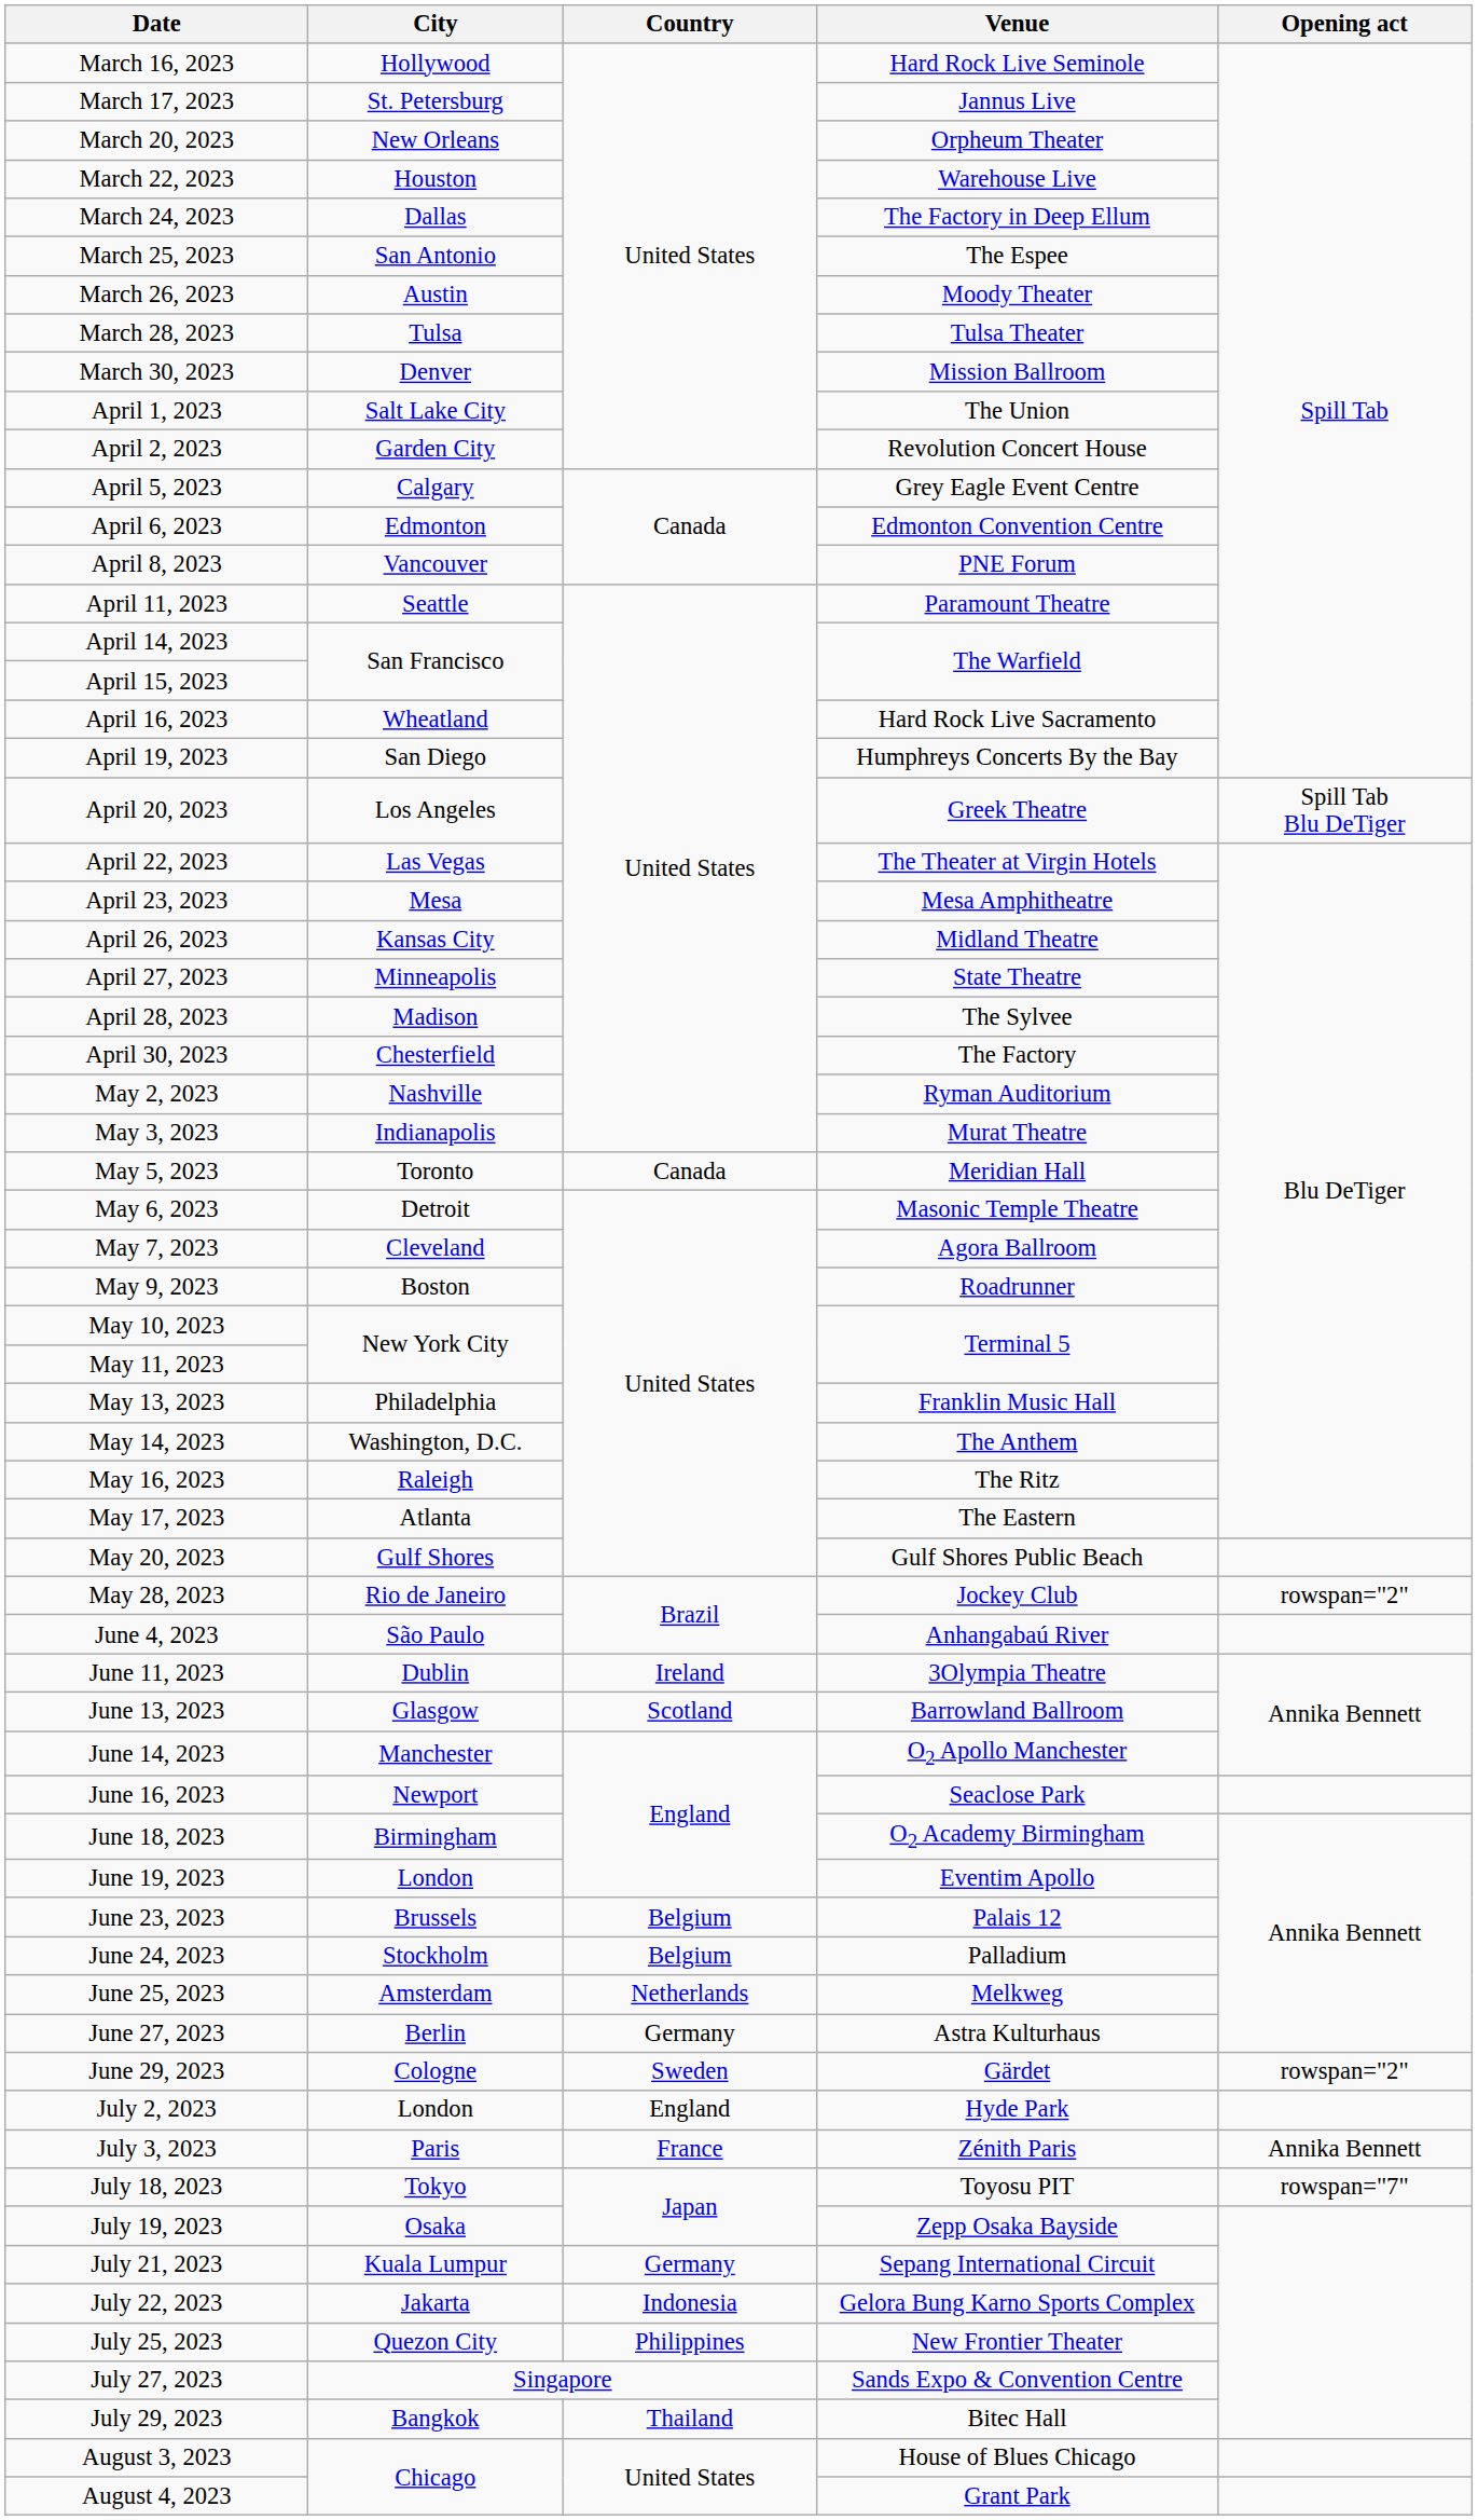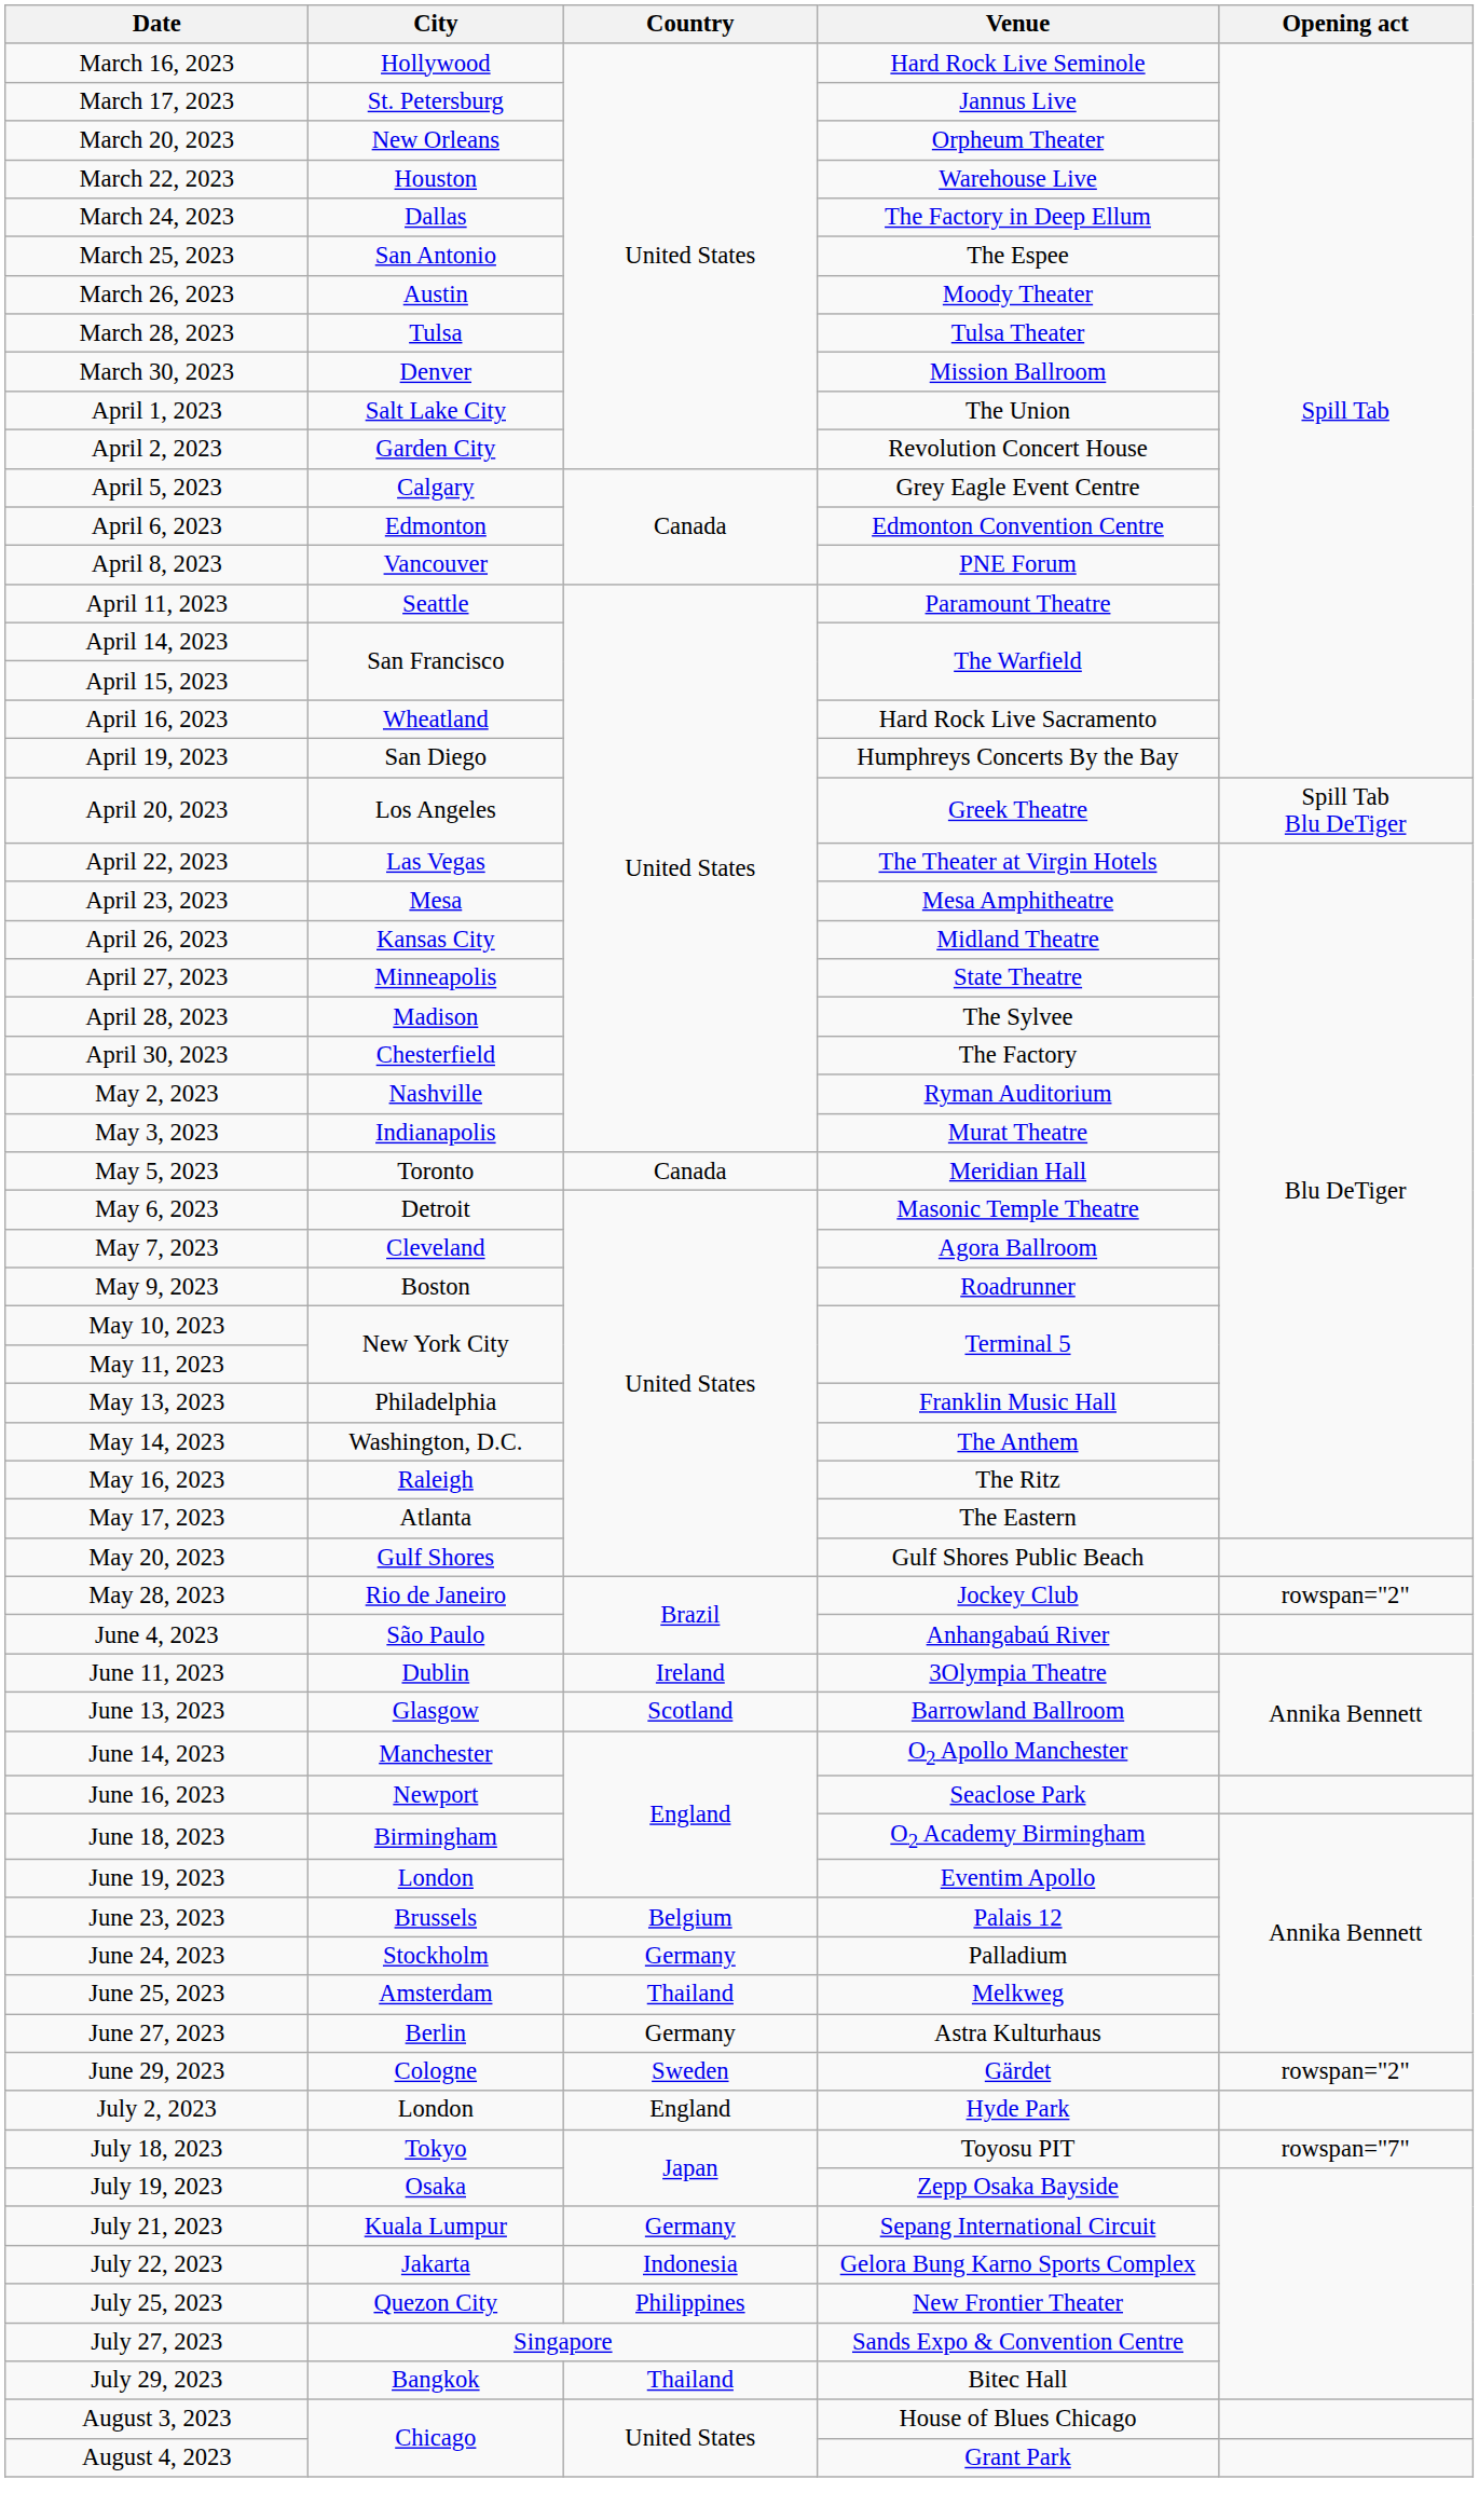 <table class="wikitable plainrowheaders" style="text-align:center;">
 <tr>
 <th scope="col" style="width:12em;">Date</th>
 <th scope="col" style="width:10em;">City</th>
 <th scope="col" style="width:10em;">Country</th>
 <th scope="col" style="width:16em;">Venue</th>
 <th scope="col" style="width:10em;">Opening act</th>
 </tr>
 <tr>
 <td>March 16, 2023</td>
 <td><a href='#'>Hollywood</a></td>
 <td rowspan="11">United States</td>
 <td><a href='#'>Hard Rock Live Seminole</a></td>
 <td rowspan="19"><a href='#'>Spill Tab</a></td>
 </tr>
 <tr>
 <td>March 17, 2023</td>
 <td><a href='#'>St. Petersburg</a></td>
 <td><a href='#'>Jannus Live</a></td>
 </tr>
 <tr>
 <td>March 20, 2023</td>
 <td><a href='#'>New Orleans</a></td>
 <td><a href='#'>Orpheum Theater</a></td>
 </tr>
 <tr>
 <td>March 22, 2023</td>
 <td><a href='#'>Houston</a></td>
 <td><a href='#'>Warehouse Live</a></td>
 </tr>
 <tr>
 <td>March 24, 2023</td>
 <td><a href='#'>Dallas</a></td>
 <td><a href='#'>The Factory in Deep Ellum</a></td>
 </tr>
 <tr>
 <td>March 25, 2023</td>
 <td><a href='#'>San Antonio</a></td>
 <td>The Espee</td>
 </tr>
 <tr>
 <td>March 26, 2023</td>
 <td><a href='#'>Austin</a></td>
 <td><a href='#'>Moody Theater</a></td>
 </tr>
 <tr>
 <td>March 28, 2023</td>
 <td><a href='#'>Tulsa</a></td>
 <td><a href='#'>Tulsa Theater</a></td>
 </tr>
 <tr>
 <td>March 30, 2023</td>
 <td><a href='#'>Denver</a></td>
 <td><a href='#'>Mission Ballroom</a></td>
 </tr>
 <tr>
 <td>April 1, 2023</td>
 <td><a href='#'>Salt Lake City</a></td>
 <td>The Union</td>
 </tr>
 <tr>
 <td>April 2, 2023</td>
 <td><a href='#'>Garden City</a></td>
 <td>Revolution Concert House</td>
 </tr>
 <tr>
 <td>April 5, 2023</td>
 <td><a href='#'>Calgary</a></td>
 <td rowspan="3">Canada</td>
 <td>Grey Eagle Event Centre</td>
 </tr>
 <tr>
 <td>April 6, 2023</td>
 <td><a href='#'>Edmonton</a></td>
 <td><a href='#'>Edmonton Convention Centre</a></td>
 </tr>
 <tr>
 <td>April 8, 2023</td>
 <td><a href='#'>Vancouver</a></td>
 <td><a href='#'>PNE Forum</a></td>
 </tr>
 <tr>
 <td>April 11, 2023</td>
 <td><a href='#'>Seattle</a></td>
 <td rowspan="14">United States</td>
 <td><a href='#'>Paramount Theatre</a></td>
 </tr>
 <tr>
 <td>April 14, 2023</td>
 <td rowspan="2">San Francisco</td>
 <td rowspan="2"><a href='#'>The Warfield</a></td>
 </tr>
 <tr>
 <td>April 15, 2023</td>
 </tr>
 <tr>
 <td>April 16, 2023</td>
 <td><a href='#'>Wheatland</a></td>
 <td>Hard Rock Live Sacramento</td>
 </tr>
 <tr>
 <td>April 19, 2023</td>
 <td>San Diego</td>
 <td>Humphreys Concerts By the Bay</td>
 </tr>
 <tr>
 <td>April 20, 2023</td>
 <td>Los Angeles</td>
 <td><a href='#'>Greek Theatre</a></td>
 <td>Spill Tab<br><a href='#'>Blu DeTiger</a></td>
 </tr>
 <tr>
 <td>April 22, 2023</td>
 <td><a href='#'>Las Vegas</a></td>
 <td><a href='#'>The Theater at Virgin Hotels</a></td>
 <td rowspan="18">Blu DeTiger</td>
 </tr>
 <tr>
 <td>April 23, 2023</td>
 <td><a href='#'>Mesa</a></td>
 <td><a href='#'>Mesa Amphitheatre</a></td>
 </tr>
 <tr>
 <td>April 26, 2023</td>
 <td><a href='#'>Kansas City</a></td>
 <td><a href='#'>Midland Theatre</a></td>
 </tr>
 <tr>
 <td>April 27, 2023</td>
 <td><a href='#'>Minneapolis</a></td>
 <td><a href='#'>State Theatre</a></td>
 </tr>
 <tr>
 <td>April 28, 2023</td>
 <td><a href='#'>Madison</a></td>
 <td>The Sylvee</td>
 </tr>
 <tr>
 <td>April 30, 2023</td>
 <td><a href='#'>Chesterfield</a></td>
 <td>The Factory</td>
 </tr>
 <tr>
 <td>May 2, 2023</td>
 <td><a href='#'>Nashville</a></td>
 <td><a href='#'>Ryman Auditorium</a></td>
 </tr>
 <tr>
 <td>May 3, 2023</td>
 <td><a href='#'>Indianapolis</a></td>
 <td><a href='#'>Murat Theatre</a></td>
 </tr>
 <tr>
 <td>May 5, 2023</td>
 <td>Toronto</td>
 <td>Canada</td>
 <td><a href='#'>Meridian Hall</a></td>
 </tr>
 <tr>
 <td>May 6, 2023</td>
 <td>Detroit</td>
 <td rowspan="10">United States</td>
 <td><a href='#'>Masonic Temple Theatre</a></td>
 </tr>
 <tr>
 <td>May 7, 2023</td>
 <td><a href='#'>Cleveland</a></td>
 <td><a href='#'>Agora Ballroom</a></td>
 </tr>
 <tr>
 <td>May 9, 2023</td>
 <td>Boston</td>
 <td><a href='#'>Roadrunner</a></td>
 </tr>
 <tr>
 <td>May 10, 2023</td>
 <td rowspan="2">New York City</td>
 <td rowspan="2"><a href='#'>Terminal 5</a></td>
 </tr>
 <tr>
 <td>May 11, 2023</td>
 </tr>
 <tr>
 <td>May 13, 2023</td>
 <td>Philadelphia</td>
 <td><a href='#'>Franklin Music Hall</a></td>
 </tr>
 <tr>
 <td>May 14, 2023</td>
 <td>Washington, D.C.</td>
 <td><a href='#'>The Anthem</a></td>
 </tr>
 <tr>
 <td>May 16, 2023</td>
 <td><a href='#'>Raleigh</a></td>
 <td>The Ritz</td>
 </tr>
 <tr>
 <td>May 17, 2023</td>
 <td>Atlanta</td>
 <td>The Eastern</td>
 </tr>
 <tr>
 <td>May 20, 2023</td>
 <td><a href='#'>Gulf Shores</a></td>
 <td>Gulf Shores Public Beach</td>
 <td></td>
 </tr>
 <tr>
 <td>May 28, 2023</td>
 <td><a href='#'>Rio de Janeiro</a></td>
 <td rowspan="2"><a href='#'>Brazil</a></td>
 <td><a href='#'>Jockey Club</a></td>
 <td>rowspan="2" </td>
 </tr>
 <tr>
 <td>June 4, 2023</td>
 <td><a href='#'>São Paulo</a></td>
 <td><a href='#'>Anhangabaú River</a></td>
 </tr>
 <tr>
 <td>June 11, 2023</td>
 <td><a href='#'>Dublin</a></td>
 <td><a href='#'>Ireland</a></td>
 <td><a href='#'>3Olympia Theatre</a></td>
 <td rowspan="3">Annika Bennett</td>
 </tr>
 <tr>
 <td>June 13, 2023</td>
 <td><a href='#'>Glasgow</a></td>
 <td><a href='#'>Scotland</a></td>
 <td><a href='#'>Barrowland Ballroom</a></td>
 </tr>
 <tr>
 <td>June 14, 2023</td>
 <td><a href='#'>Manchester</a></td>
 <td rowspan="4"><a href='#'>England</a></td>
 <td><a href='#'>O<sub>2</sub> Apollo Manchester</a></td>
 </tr>
 <tr>
 <td>June 16, 2023</td>
 <td><a href='#'>Newport</a></td>
 <td><a href='#'>Seaclose Park</a></td>
 <td></td>
 </tr>
 <tr>
 <td>June 18, 2023</td>
 <td><a href='#'>Birmingham</a></td>
 <td><a href='#'>O<sub>2</sub> Academy Birmingham</a></td>
 <td rowspan="6">Annika Bennett</td>
 </tr>
 <tr>
 <td>June 19, 2023</td>
 <td><a href='#'>London</a></td>
 <td><a href='#'>Eventim Apollo</a></td>
 </tr>
 <tr>
 <td>June 23, 2023</td>
 <td><a href='#'>Brussels</a></td>
 <td><a href='#'>Belgium</a></td>
 <td><a href='#'>Palais 12</a></td>
 </tr>
 <tr>
 <td>June 24, 2023</td>
 <td><a href='#'>Stockholm</a></td>
-<td><a href='#'>Belgium</a></td>
+<td><a href='#'>Germany</a></td>
 <td>Palladium</td>
 </tr>
 <tr>
 <td>June 25, 2023</td>
 <td><a href='#'>Amsterdam</a></td>
-<td><a href='#'>Netherlands</a></td>
+<td><a href='#'>Thailand</a></td>
 <td><a href='#'>Melkweg</a></td>
 </tr>
 <tr>
 <td>June 27, 2023</td>
 <td><a href='#'>Berlin</a></td>
 <td>Germany</td>
 <td>Astra Kulturhaus</td>
 </tr>
 <tr>
 <td>June 29, 2023</td>
 <td><a href='#'>Cologne</a></td>
 <td><a href='#'>Sweden</a></td>
 <td><a href='#'>Gärdet</a></td>
 <td>rowspan="2" </td>
 </tr>
 <tr>
 <td>July 2, 2023</td>
 <td>London</td>
 <td>England</td>
 <td><a href='#'>Hyde Park</a></td>
-</tr>
-<tr>
-<td>July 3, 2023</td>
-<td><a href='#'>Paris</a></td>
-<td><a href='#'>France</a></td>
-<td><a href='#'>Zénith Paris</a></td>
-<td>Annika Bennett</td>
 </tr>
 <tr>
 <td>July 18, 2023</td>
 <td><a href='#'>Tokyo</a></td>
 <td rowspan="2"><a href='#'>Japan</a></td>
 <td>Toyosu PIT</td>
 <td>rowspan="7" </td>
 </tr>
 <tr>
 <td>July 19, 2023</td>
 <td><a href='#'>Osaka</a></td>
 <td><a href='#'>Zepp Osaka Bayside</a></td>
 </tr>
 <tr>
 <td>July 21, 2023</td>
 <td><a href='#'>Kuala Lumpur</a></td>
 <td><a href='#'>Germany</a></td>
 <td><a href='#'>Sepang International Circuit</a></td>
 </tr>
 <tr>
 <td>July 22, 2023</td>
 <td><a href='#'>Jakarta</a></td>
 <td><a href='#'>Indonesia</a></td>
 <td><a href='#'>Gelora Bung Karno Sports Complex</a></td>
 </tr>
 <tr>
 <td>July 25, 2023</td>
 <td><a href='#'>Quezon City</a></td>
 <td><a href='#'>Philippines</a></td>
 <td><a href='#'>New Frontier Theater</a></td>
 </tr>
 <tr>
 <td>July 27, 2023</td>
 <td colspan="2"><a href='#'>Singapore</a></td>
 <td><a href='#'>Sands Expo & Convention Centre</a></td>
 </tr>
 <tr>
 <td>July 29, 2023</td>
 <td><a href='#'>Bangkok</a></td>
 <td><a href='#'>Thailand</a></td>
 <td>Bitec Hall</td>
 </tr>
 <tr>
 <td>August 3, 2023</td>
 <td rowspan="2"><a href='#'>Chicago</a></td>
 <td rowspan="2">United States</td>
 <td>House of Blues Chicago</td>
 <td></td>
 </tr>
 <tr>
 <td>August 4, 2023</td>
 <td><a href='#'>Grant Park</a></td>
 <td></td>
 </tr>
 </table>
